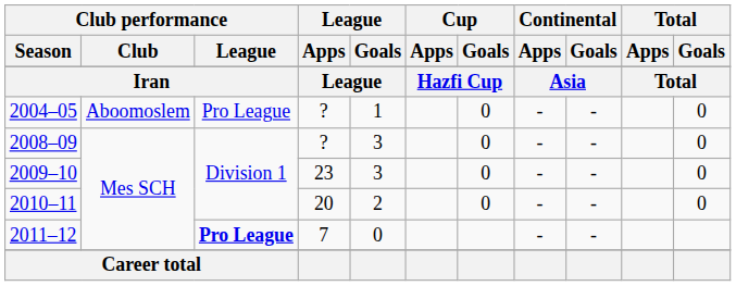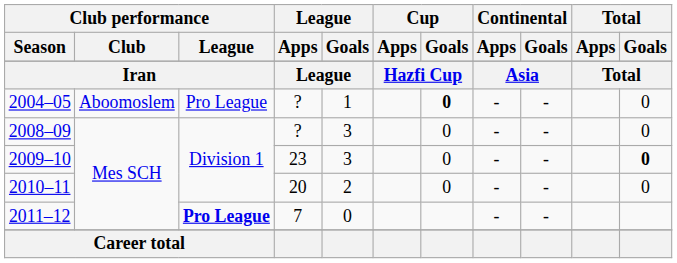 <table class="wikitable" style="text-align:center">
 <tr>
 <th colspan=3>Club performance</th>
 <th colspan=2>League</th>
 <th colspan=2>Cup</th>
 <th colspan=2>Continental</th>
 <th colspan=2>Total</th>
 </tr>
 <tr>
 <th>Season</th>
 <th>Club</th>
 <th>League</th>
 <th>Apps</th>
 <th>Goals</th>
 <th>Apps</th>
 <th>Goals</th>
 <th>Apps</th>
 <th>Goals</th>
 <th>Apps</th>
 <th>Goals</th>
 </tr>
 <tr>
 </tr>
 <tr>
 <th colspan=3>Iran</th>
 <th colspan=2>League</th>
 <th colspan=2><a href='#'>Hazfi Cup</a></th>
 <th colspan=2><a href='#'>Asia</a></th>
 <th colspan=2>Total</th>
 </tr>
 <tr>
 <td><a href='#'>2004–05</a></td>
 <td rowspan="1"><a href='#'>Aboomoslem</a></td>
 <td rowspan="1"><a href='#'>Pro League</a></td>
 <td>?</td>
 <td>1</td>
 <td></td>
-<td>0</td>
+<td><strong>0</strong></td>
 <td>-</td>
 <td>-</td>
 <td></td>
 <td>0</td>
 </tr>
 <tr>
 <td><a href='#'>2008–09</a></td>
 <td rowspan="4"><a href='#'>Mes SCH</a></td>
 <td rowspan="3"><a href='#'>Division 1</a></td>
 <td>?</td>
 <td>3</td>
 <td></td>
 <td>0</td>
 <td>-</td>
 <td>-</td>
 <td></td>
 <td>0</td>
 </tr>
 <tr>
 <td><a href='#'>2009–10</a></td>
 <td>23</td>
 <td>3</td>
 <td></td>
 <td>0</td>
 <td>-</td>
 <td>-</td>
 <td></td>
-<td>0</td>
+<td><strong>0</strong></td>
 </tr>
 <tr>
 <td><a href='#'>2010–11</a></td>
 <td>20</td>
 <td>2</td>
 <td></td>
 <td>0</td>
 <td>-</td>
 <td>-</td>
 <td></td>
 <td>0</td>
 </tr>
 <tr>
 <td><a href='#'>2011–12</a></td>
 <td rowspan="1"><strong><a href='#'>Pro League</a></strong></td>
 <td>7</td>
 <td>0</td>
 <td></td>
 <td></td>
 <td>-</td>
 <td>-</td>
 <td></td>
 <td></td>
 </tr>
 <tr>
 </tr>
 <tr>
 <th colspan=3>Career total</th>
 <th></th>
 <th></th>
 <th></th>
 <th></th>
 <th></th>
 <th></th>
 <th></th>
 <th></th>
 </tr>
 </table>
